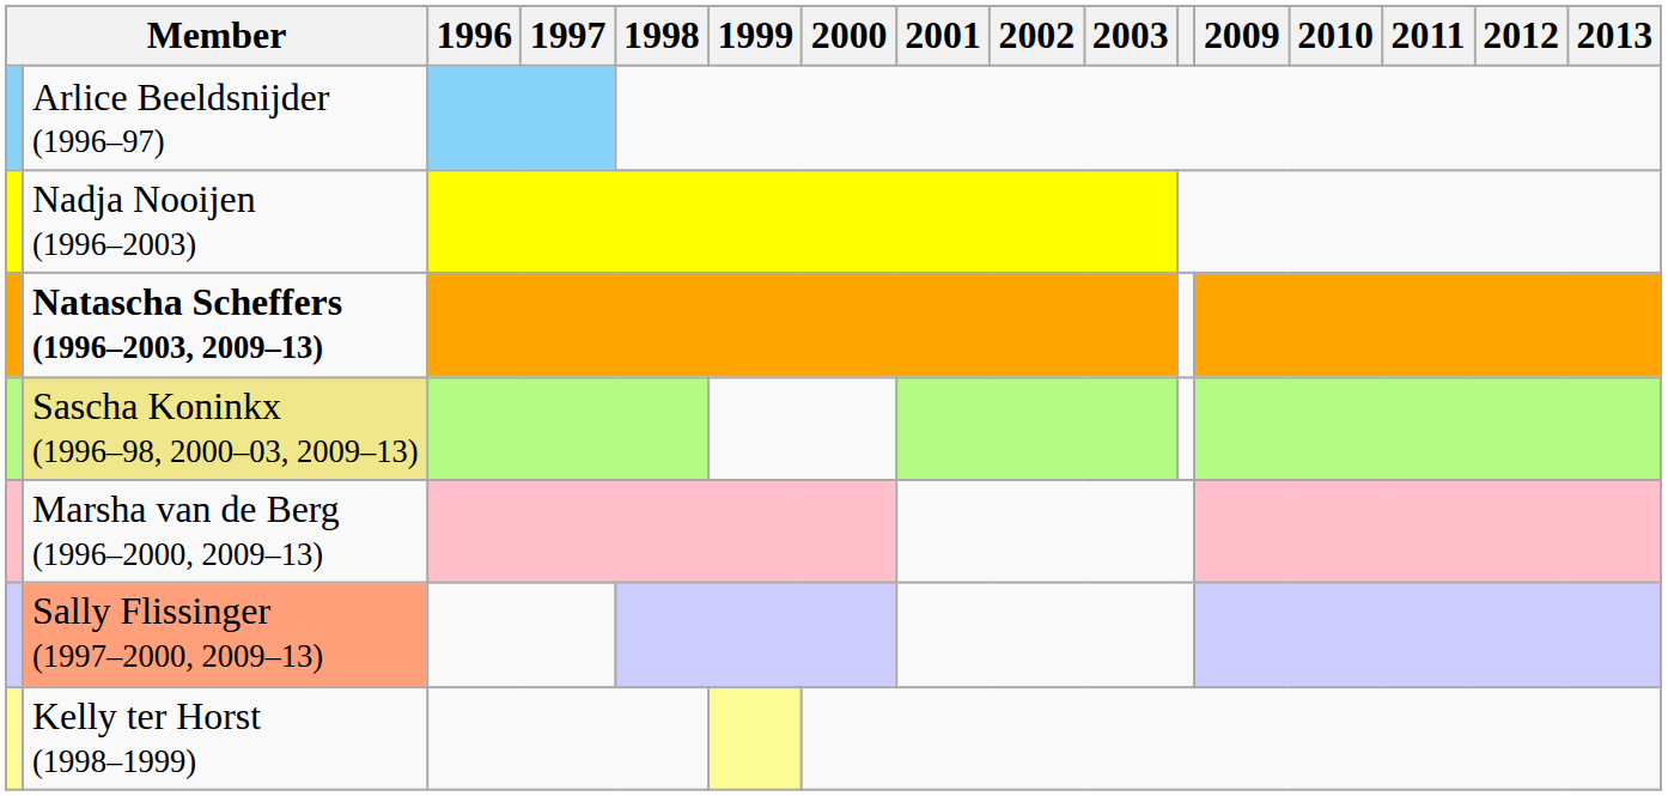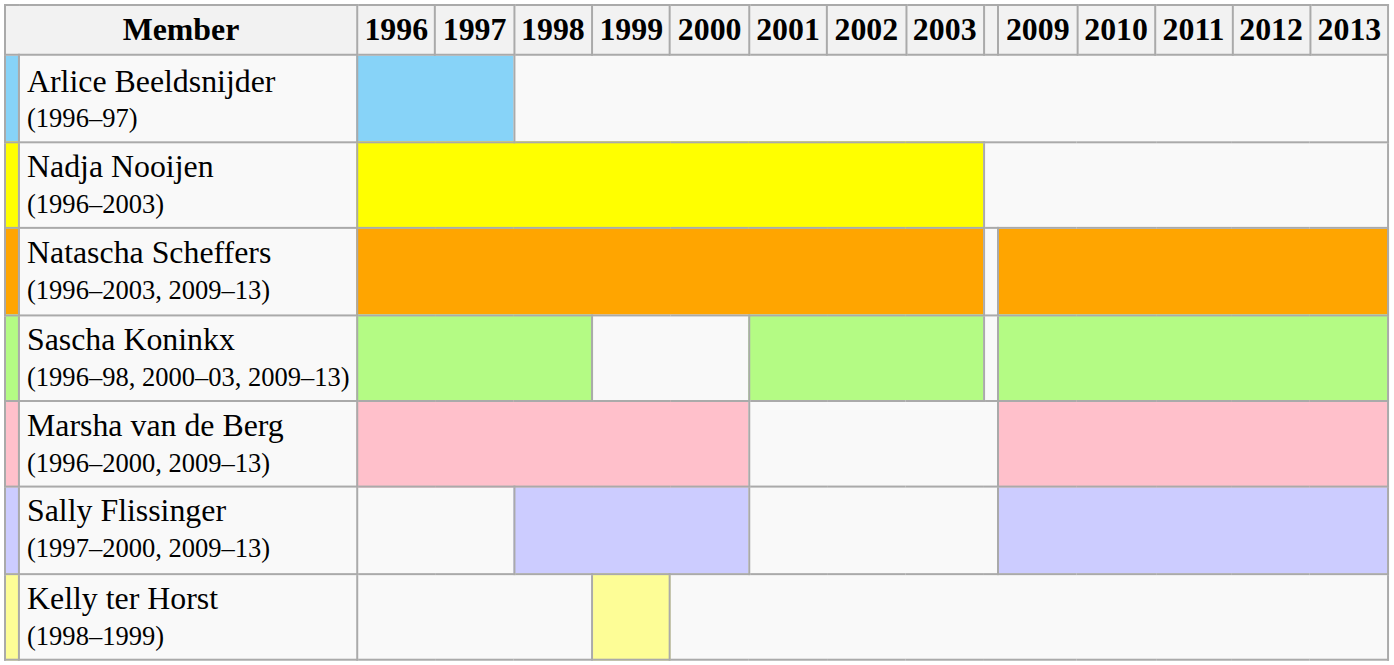 <table class="wikitable">
 <tr>
 <th colspan="2">Member</th>
 <th>1996</th>
 <th>1997</th>
 <th>1998</th>
 <th>1999</th>
 <th>2000</th>
 <th>2001</th>
 <th>2002</th>
 <th>2003</th>
 <th></th>
 <th>2009</th>
 <th>2010</th>
 <th>2011</th>
 <th>2012</th>
 <th>2013</th>
 </tr>
 <tr>
 <td style="background:#87D3F8"></td>
 <td>Arlice Beeldsnijder<br><small>(1996–97)</small></td>
 <td colspan="2"  style="text-align:center; background:#87D3F8;"></td>
 <td colspan="13"></td>
 </tr>
 <tr>
 <td style="background:yellow"></td>
 <td>Nadja Nooijen<br><small>(1996–2003)</small></td>
 <td colspan="8"  style="text-align:center; background:yellow;"></td>
 <td colspan="7"></td>
 </tr>
 <tr>
 <td style="background:orange"></td>
-<td><strong>Natascha Scheffers<br><small>(1996–2003, 2009–13)</small></strong></td>
+<td>Natascha Scheffers<br><small>(1996–2003, 2009–13)</small></td>
 <td colspan="8"  style="text-align:center; background:orange;"></td>
 <td colspan="1"></td>
 <td colspan="6"  style="text-align:center; background:orange;"></td>
 </tr>
 <tr>
 <td style="background:#B4FB84"></td>
-<td style="background: khaki;">Sascha Koninkx<br><small>(1996–98, 2000–03, 2009–13)</small></td>
+<td>Sascha Koninkx<br><small>(1996–98, 2000–03, 2009–13)</small></td>
 <td colspan="3"  style="text-align:center; background:#B4FB84;"></td>
 <td colspan="2"></td>
 <td colspan="3"  style="text-align:center; background:#B4FB84;"></td>
 <td colspan="1"></td>
 <td colspan="6"  style="text-align:center; background:#B4FB84;"></td>
 </tr>
 <tr>
 <td style="background:pink;"></td>
 <td>Marsha van de Berg<br><small>(1996–2000, 2009–13)</small></td>
 <td colspan="5"  style="text-align:center; background:pink;"></td>
 <td colspan="4"></td>
 <td colspan="6"  style="text-align:center; background:pink;"></td>
 </tr>
 <tr>
 <td style="background:#ccf;"></td>
-<td style="background: lightsalmon;">Sally Flissinger<br><small>(1997–2000, 2009–13)</small></td>
+<td>Sally Flissinger<br><small>(1997–2000, 2009–13)</small></td>
 <td colspan="2"></td>
 <td colspan="3" style="text-align:center; background:#ccf;"></td>
 <td colspan="4"></td>
 <td colspan="6" style="text-align:center; background:#ccf;"></td>
 </tr>
 <tr>
 <td style="background:#FDFD96"></td>
 <td>Kelly ter Horst<br><small>(1998–1999)</small></td>
 <td colspan="3"></td>
 <td colspan="1"  style="text-align:center; background:#FDFD96;"></td>
 <td colspan="10"></td>
 </tr>
 </table>
